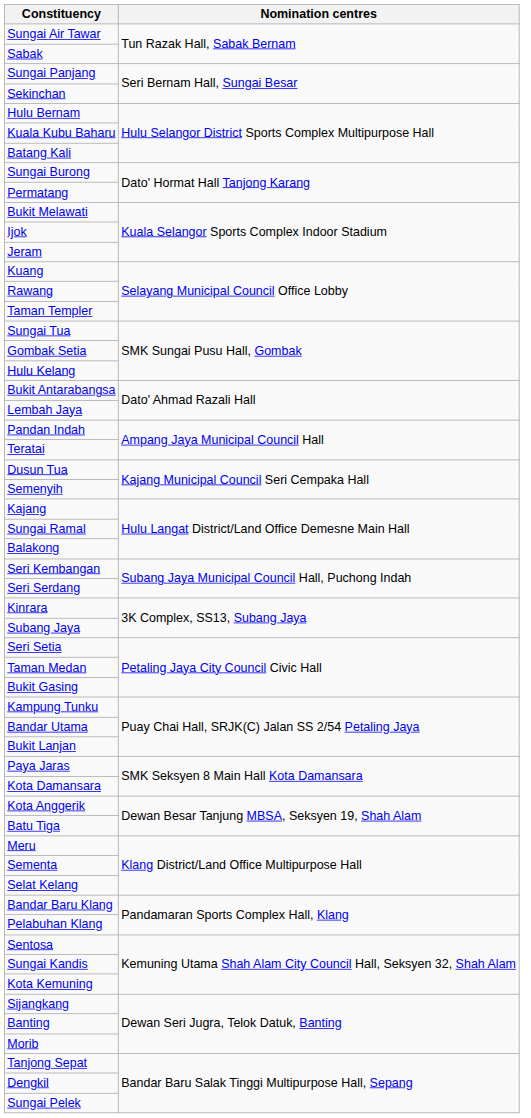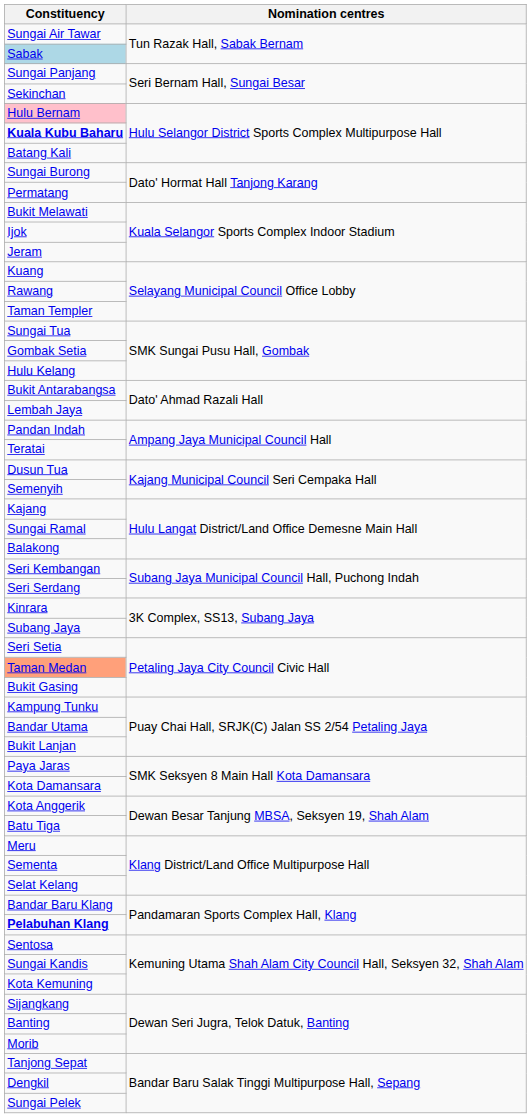 <table class="wikitable mw-collapsible">
 <tr>
 <th>Constituency</th>
 <th>Nomination centres</th>
 </tr>
 <tr>
 <td><a href='#'>Sungai Air Tawar</a></td>
 <td rowspan="2">Tun Razak Hall, <a href='#'>Sabak Bernam</a></td>
 </tr>
 <tr>
-<td><a href='#'>Sabak</a></td>
+<td style="background: lightblue;"><a href='#'>Sabak</a></td>
 </tr>
 <tr>
 <td><a href='#'>Sungai Panjang</a></td>
 <td rowspan="2">Seri Bernam Hall, <a href='#'>Sungai Besar</a></td>
 </tr>
 <tr>
 <td><a href='#'>Sekinchan</a></td>
 </tr>
 <tr>
-<td><a href='#'>Hulu Bernam</a></td>
+<td style="background: pink;"><a href='#'>Hulu Bernam</a></td>
 <td rowspan="3"><a href='#'>Hulu Selangor District</a> Sports Complex Multipurpose Hall</td>
 </tr>
 <tr>
-<td><a href='#'>Kuala Kubu Baharu</a></td>
+<td><strong><a href='#'>Kuala Kubu Baharu</a></strong></td>
 </tr>
 <tr>
 <td><a href='#'>Batang Kali</a></td>
 </tr>
 <tr>
 <td><a href='#'>Sungai Burong</a></td>
 <td rowspan="2">Dato' Hormat Hall <a href='#'>Tanjong Karang</a></td>
 </tr>
 <tr>
 <td><a href='#'>Permatang</a></td>
 </tr>
 <tr>
 <td><a href='#'>Bukit Melawati</a></td>
 <td rowspan="3"><a href='#'>Kuala Selangor</a> Sports Complex Indoor Stadium</td>
 </tr>
 <tr>
 <td><a href='#'>Ijok</a></td>
 </tr>
 <tr>
 <td><a href='#'>Jeram</a></td>
 </tr>
 <tr>
 <td><a href='#'>Kuang</a></td>
 <td rowspan="3"><a href='#'>Selayang Municipal Council</a> Office Lobby</td>
 </tr>
 <tr>
 <td><a href='#'>Rawang</a></td>
 </tr>
 <tr>
 <td><a href='#'>Taman Templer</a></td>
 </tr>
 <tr>
 <td><a href='#'>Sungai Tua</a></td>
 <td rowspan="3">SMK Sungai Pusu Hall, <a href='#'>Gombak</a></td>
 </tr>
 <tr>
 <td><a href='#'>Gombak Setia</a></td>
 </tr>
 <tr>
 <td><a href='#'>Hulu Kelang</a></td>
 </tr>
 <tr>
 <td><a href='#'>Bukit Antarabangsa</a></td>
 <td rowspan="2">Dato' Ahmad Razali Hall</td>
 </tr>
 <tr>
 <td><a href='#'>Lembah Jaya</a></td>
 </tr>
 <tr>
 <td><a href='#'>Pandan Indah</a></td>
 <td rowspan="2"><a href='#'>Ampang Jaya Municipal Council</a> Hall</td>
 </tr>
 <tr>
 <td><a href='#'>Teratai</a></td>
 </tr>
 <tr>
 <td><a href='#'>Dusun Tua</a></td>
 <td rowspan="2"><a href='#'>Kajang Municipal Council</a> Seri Cempaka Hall</td>
 </tr>
 <tr>
 <td><a href='#'>Semenyih</a></td>
 </tr>
 <tr>
 <td><a href='#'>Kajang</a></td>
 <td rowspan="3"><a href='#'>Hulu Langat</a> District/Land Office Demesne Main Hall</td>
 </tr>
 <tr>
 <td><a href='#'>Sungai Ramal</a></td>
 </tr>
 <tr>
 <td><a href='#'>Balakong</a></td>
 </tr>
 <tr>
 <td><a href='#'>Seri Kembangan</a></td>
 <td rowspan="2"><a href='#'>Subang Jaya Municipal Council</a> Hall, Puchong Indah</td>
 </tr>
 <tr>
 <td><a href='#'>Seri Serdang</a></td>
 </tr>
 <tr>
 <td><a href='#'>Kinrara</a></td>
 <td rowspan="2">3K Complex, SS13, <a href='#'>Subang Jaya</a></td>
 </tr>
 <tr>
 <td><a href='#'>Subang Jaya</a></td>
 </tr>
 <tr>
 <td><a href='#'>Seri Setia</a></td>
 <td rowspan="3"><a href='#'>Petaling Jaya City Council</a> Civic Hall</td>
 </tr>
 <tr>
-<td><a href='#'>Taman Medan</a></td>
+<td style="background: lightsalmon;"><a href='#'>Taman Medan</a></td>
 </tr>
 <tr>
 <td><a href='#'>Bukit Gasing</a></td>
 </tr>
 <tr>
 <td><a href='#'>Kampung Tunku</a></td>
 <td rowspan="3">Puay Chai Hall, SRJK(C) Jalan SS 2/54 <a href='#'>Petaling Jaya</a></td>
 </tr>
 <tr>
 <td><a href='#'>Bandar Utama</a></td>
 </tr>
 <tr>
 <td><a href='#'>Bukit Lanjan</a></td>
 </tr>
 <tr>
 <td><a href='#'>Paya Jaras</a></td>
 <td rowspan="2">SMK Seksyen 8 Main Hall <a href='#'>Kota Damansara</a></td>
 </tr>
 <tr>
 <td><a href='#'>Kota Damansara</a></td>
 </tr>
 <tr>
 <td><a href='#'>Kota Anggerik</a></td>
 <td rowspan="2">Dewan Besar Tanjung <a href='#'>MBSA</a>, Seksyen 19, <a href='#'>Shah Alam</a></td>
 </tr>
 <tr>
 <td><a href='#'>Batu Tiga</a></td>
 </tr>
 <tr>
 <td><a href='#'>Meru</a></td>
 <td rowspan="3"><a href='#'>Klang</a> District/Land Office Multipurpose Hall</td>
 </tr>
 <tr>
 <td><a href='#'>Sementa</a></td>
 </tr>
 <tr>
 <td><a href='#'>Selat Kelang</a></td>
 </tr>
 <tr>
 <td><a href='#'>Bandar Baru Klang</a></td>
 <td rowspan="2">Pandamaran Sports Complex Hall, <a href='#'>Klang</a></td>
 </tr>
 <tr>
-<td><a href='#'>Pelabuhan Klang</a></td>
+<td><strong><a href='#'>Pelabuhan Klang</a></strong></td>
 </tr>
 <tr>
 <td><a href='#'>Sentosa</a></td>
 <td rowspan="3">Kemuning Utama <a href='#'>Shah Alam City Council</a> Hall, Seksyen 32, <a href='#'>Shah Alam</a></td>
 </tr>
 <tr>
 <td><a href='#'>Sungai Kandis</a></td>
 </tr>
 <tr>
 <td><a href='#'>Kota Kemuning</a></td>
 </tr>
 <tr>
 <td><a href='#'>Sijangkang</a></td>
 <td rowspan="3">Dewan Seri Jugra, Telok Datuk, <a href='#'>Banting</a></td>
 </tr>
 <tr>
 <td><a href='#'>Banting</a></td>
 </tr>
 <tr>
 <td><a href='#'>Morib</a></td>
 </tr>
 <tr>
 <td><a href='#'>Tanjong Sepat</a></td>
 <td rowspan="3">Bandar Baru Salak Tinggi Multipurpose Hall, <a href='#'>Sepang</a></td>
 </tr>
 <tr>
 <td><a href='#'>Dengkil</a></td>
 </tr>
 <tr>
 <td><a href='#'>Sungai Pelek</a></td>
 </tr>
 </table>
